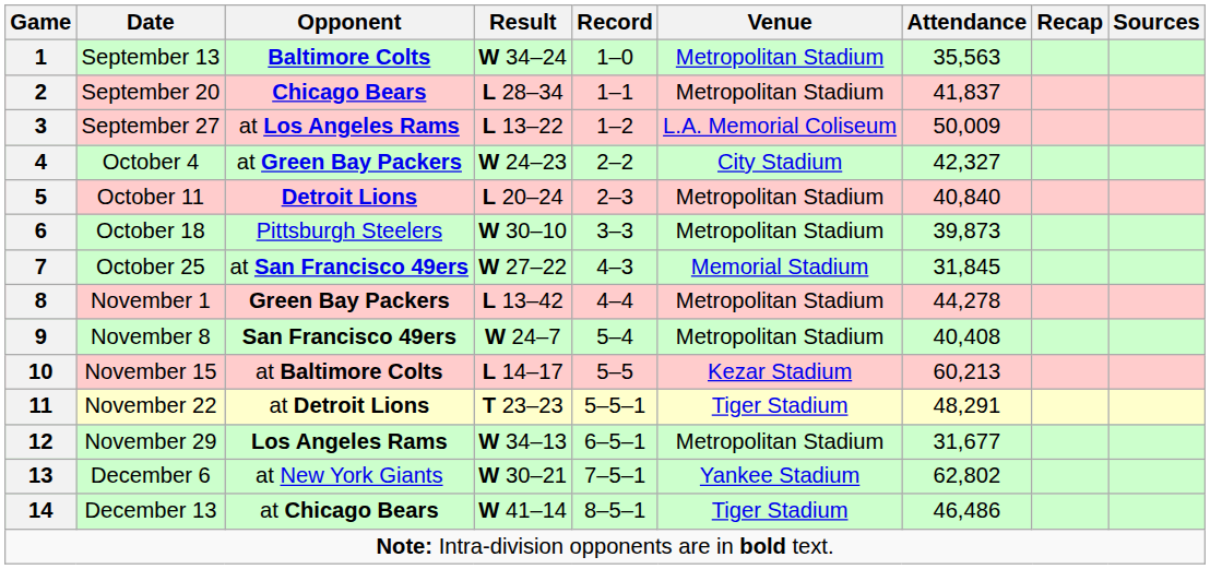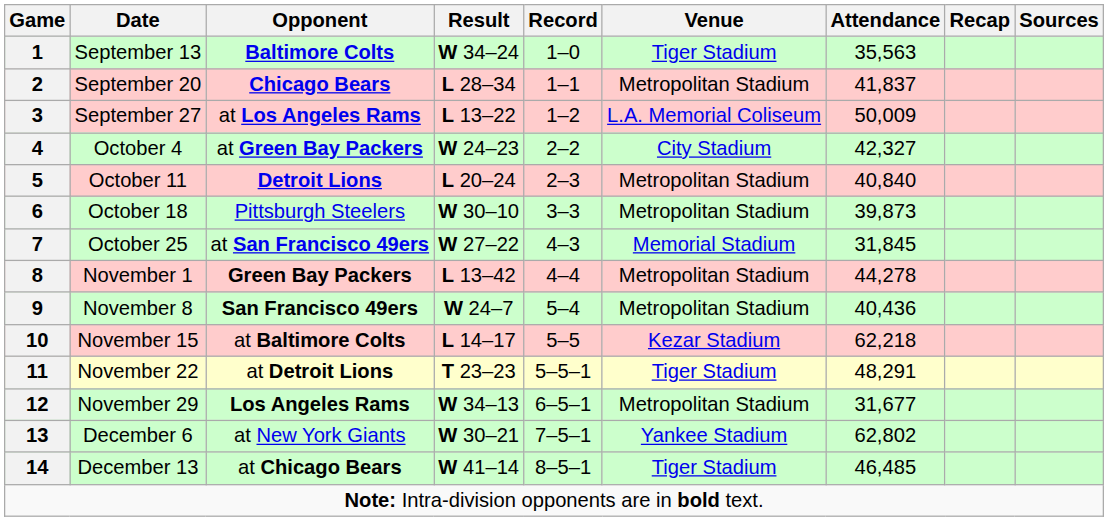 <table class="wikitable" style="text-align:center">
 <tr>
 <th>Game</th>
 <th>Date</th>
 <th>Opponent</th>
 <th>Result</th>
 <th>Record</th>
 <th>Venue</th>
 <th>Attendance</th>
 <th>Recap</th>
 <th>Sources</th>
 </tr>
 <tr style="background:#cfc">
 <th>1</th>
 <td>September 13</td>
 <td><strong><a href='#'>Baltimore Colts</a></strong></td>
 <td><strong>W</strong> 34–24</td>
 <td>1–0</td>
-<td><a href='#'>Metropolitan Stadium</a></td>
+<td><a href='#'>Tiger Stadium</a></td>
 <td>35,563</td>
 <td></td>
 <td></td>
 </tr>
 <tr style="background:#fcc">
 <th>2</th>
 <td>September 20</td>
 <td><strong><a href='#'>Chicago Bears</a></strong></td>
 <td><strong>L</strong> 28–34</td>
 <td>1–1</td>
 <td>Metropolitan Stadium</td>
 <td>41,837</td>
 <td></td>
 <td></td>
 </tr>
 <tr style="background:#fcc">
 <th>3</th>
 <td>September 27</td>
 <td>at <strong><a href='#'>Los Angeles Rams</a></strong></td>
 <td><strong>L</strong> 13–22</td>
 <td>1–2</td>
 <td><a href='#'>L.A. Memorial Coliseum</a></td>
 <td>50,009</td>
 <td></td>
 <td></td>
 </tr>
 <tr style="background:#cfc">
 <th>4</th>
 <td>October 4</td>
 <td>at <strong><a href='#'>Green Bay Packers</a></strong></td>
 <td><strong>W</strong> 24–23</td>
 <td>2–2</td>
 <td><a href='#'>City Stadium</a></td>
 <td>42,327</td>
 <td></td>
 <td></td>
 </tr>
 <tr style="background:#fcc">
 <th>5</th>
 <td>October 11</td>
 <td><strong><a href='#'>Detroit Lions</a></strong></td>
 <td><strong>L</strong> 20–24</td>
 <td>2–3</td>
 <td>Metropolitan Stadium</td>
 <td>40,840</td>
 <td></td>
 <td></td>
 </tr>
 <tr style="background:#cfc">
 <th>6</th>
 <td>October 18</td>
 <td><a href='#'>Pittsburgh Steelers</a></td>
 <td><strong>W</strong> 30–10</td>
 <td>3–3</td>
 <td>Metropolitan Stadium</td>
 <td>39,873</td>
 <td></td>
 <td></td>
 </tr>
 <tr style="background:#cfc">
 <th>7</th>
 <td>October 25</td>
 <td>at <strong><a href='#'>San Francisco 49ers</a></strong></td>
 <td><strong>W</strong> 27–22</td>
 <td>4–3</td>
 <td><a href='#'>Memorial Stadium</a></td>
 <td>31,845</td>
 <td></td>
 <td></td>
 </tr>
 <tr style="background:#fcc">
 <th>8</th>
 <td>November 1</td>
 <td><strong>Green Bay Packers</strong></td>
 <td><strong>L</strong> 13–42</td>
 <td>4–4</td>
 <td>Metropolitan Stadium</td>
 <td>44,278</td>
 <td></td>
 <td></td>
 </tr>
 <tr style="background:#cfc">
 <th>9</th>
 <td>November 8</td>
 <td><strong>San Francisco 49ers</strong></td>
 <td><strong>W</strong> 24–7</td>
 <td>5–4</td>
 <td>Metropolitan Stadium</td>
-<td>40,408</td>
+<td>40,436</td>
 <td></td>
 <td></td>
 </tr>
 <tr style="background:#fcc">
 <th>10</th>
 <td>November 15</td>
 <td>at <strong>Baltimore Colts</strong></td>
 <td><strong>L</strong> 14–17</td>
 <td>5–5</td>
 <td><a href='#'>Kezar Stadium</a></td>
-<td>60,213</td>
+<td>62,218</td>
 <td></td>
 <td></td>
 </tr>
 <tr style="background:#ffc">
 <th>11</th>
 <td>November 22</td>
 <td>at <strong>Detroit Lions</strong></td>
 <td><strong>T</strong> 23–23</td>
 <td>5–5–1</td>
 <td><a href='#'>Tiger Stadium</a></td>
 <td>48,291</td>
 <td></td>
 <td></td>
 </tr>
 <tr style="background:#cfc">
 <th>12</th>
 <td>November 29</td>
 <td><strong>Los Angeles Rams</strong></td>
 <td><strong>W</strong> 34–13</td>
 <td>6–5–1</td>
 <td>Metropolitan Stadium</td>
 <td>31,677</td>
 <td></td>
 <td></td>
 </tr>
 <tr style="background:#cfc">
 <th>13</th>
 <td>December 6</td>
 <td>at <a href='#'>New York Giants</a></td>
 <td><strong>W</strong> 30–21</td>
 <td>7–5–1</td>
 <td><a href='#'>Yankee Stadium</a></td>
 <td>62,802</td>
 <td></td>
 <td></td>
 </tr>
 <tr style="background:#cfc">
 <th>14</th>
 <td>December 13</td>
 <td>at <strong>Chicago Bears</strong></td>
 <td><strong>W</strong> 41–14</td>
 <td>8–5–1</td>
 <td><a href='#'>Tiger Stadium</a></td>
-<td>46,486</td>
+<td>46,485</td>
 <td></td>
 <td></td>
 </tr>
 <tr>
 <td colspan="10"><strong>Note:</strong> Intra-division opponents are in <strong>bold</strong> text.</td>
 </tr>
 </table>
